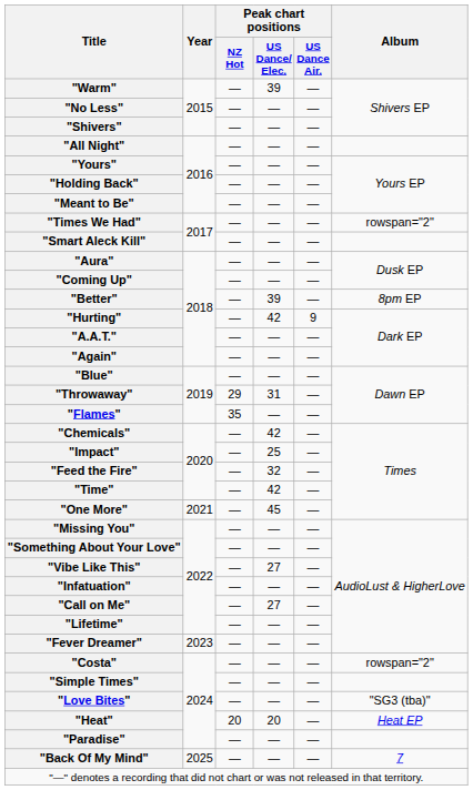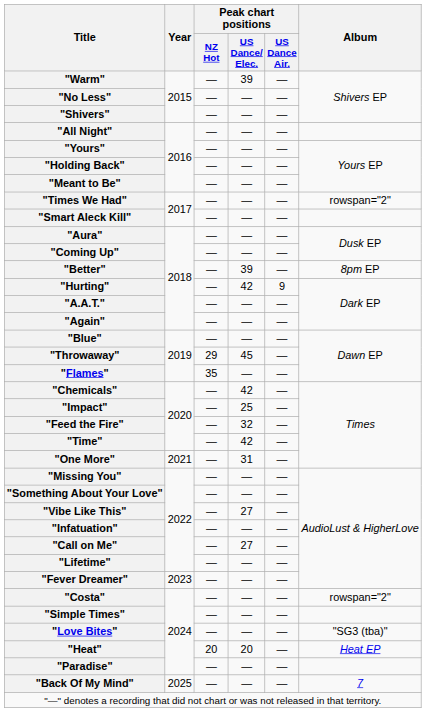 <table class="wikitable plainrowheaders" style="text-align:center;">
 <tr>
 <th scope="col" rowspan="2">Title</th>
 <th scope="col" rowspan="2">Year</th>
 <th scope="col" colspan="3">Peak chart positions</th>
 <th scope="col" rowspan="2">Album</th>
 </tr>
 <tr>
 <th scope="col" style="width:3em;font-size:90%;"><a href='#'>NZ<br>Hot</a><br></th>
 <th scope="col" style="width:2.9em;font-size:90%;"><a href='#'>US<br>Dance/<br>Elec.</a><br></th>
 <th scope="col" style="width:2.9em;font-size:90%;"><a href='#'>US<br>Dance<br>Air.</a><br></th>
 </tr>
 <tr>
 <th scope="row">"Warm"</th>
 <td rowspan="3">2015</td>
 <td>—</td>
 <td>39</td>
 <td>—</td>
 <td rowspan="3"><em>Shivers</em> EP</td>
 </tr>
 <tr>
 <th scope="row">"No Less"<br></th>
 <td>—</td>
 <td>—</td>
 <td>—</td>
 </tr>
 <tr>
 <th scope="row">"Shivers"<br></th>
 <td>—</td>
 <td>—</td>
 <td>—</td>
 </tr>
 <tr>
 <th scope="row">"All Night"<br></th>
 <td rowspan="4">2016</td>
 <td>—</td>
 <td>—</td>
 <td>—</td>
 <td></td>
 </tr>
 <tr>
 <th scope="row">"Yours"</th>
 <td>—</td>
 <td>—</td>
 <td>—</td>
 <td rowspan="3"><em>Yours</em> EP</td>
 </tr>
 <tr>
 <th scope="row">"Holding Back"<br></th>
 <td>—</td>
 <td>—</td>
 <td>—</td>
 </tr>
 <tr>
 <th scope="row">"Meant to Be"</th>
 <td>—</td>
 <td>—</td>
 <td>—</td>
 </tr>
 <tr>
 <th scope="row">"Times We Had"<br></th>
 <td rowspan="2">2017</td>
 <td>—</td>
 <td>—</td>
 <td>—</td>
 <td>rowspan="2" </td>
 </tr>
 <tr>
 <th scope="row">"Smart Aleck Kill"<br></th>
 <td>—</td>
 <td>—</td>
 <td>—</td>
 </tr>
 <tr>
 <th scope="row">"Aura"<br></th>
 <td rowspan="6">2018</td>
 <td>—</td>
 <td>—</td>
 <td>—</td>
 <td rowspan="2"><em>Dusk</em> EP</td>
 </tr>
 <tr>
 <th scope="row">"Coming Up"</th>
 <td>—</td>
 <td>—</td>
 <td>—</td>
 </tr>
 <tr>
 <th scope="row">"Better"<br></th>
 <td>—</td>
 <td>39</td>
 <td>—</td>
 <td><em>8pm</em> EP</td>
 </tr>
 <tr>
 <th scope="row">"Hurting"<br></th>
 <td>—</td>
 <td>42</td>
 <td>9</td>
 <td rowspan="3"><em>Dark</em> EP</td>
 </tr>
 <tr>
 <th scope="row">"A.A.T."<br></th>
 <td>—</td>
 <td>—</td>
 <td>—</td>
 </tr>
 <tr>
 <th scope="row">"Again"<br></th>
 <td>—</td>
 <td>—</td>
 <td>—</td>
 </tr>
 <tr>
 <th scope="row">"Blue"</th>
 <td rowspan="3">2019</td>
 <td>—</td>
 <td>—</td>
 <td>—</td>
 <td rowspan="3"><em>Dawn</em> EP</td>
 </tr>
 <tr>
 <th scope="row">"Throwaway"<br></th>
 <td>29</td>
-<td>31</td>
+<td>45</td>
 <td>—</td>
 </tr>
 <tr>
 <th scope="row">"<a href='#'>Flames</a>"<br></th>
 <td>35</td>
 <td>—</td>
 <td>—</td>
 </tr>
 <tr>
 <th scope="row">"Chemicals"</th>
 <td rowspan="4">2020</td>
 <td>—</td>
 <td>42</td>
 <td>—</td>
 <td rowspan="5"><em>Times</em></td>
 </tr>
 <tr>
 <th scope="row">"Impact"<br></th>
 <td>—</td>
 <td>25</td>
 <td>—</td>
 </tr>
 <tr>
 <th scope="row">"Feed the Fire"<br></th>
 <td>—</td>
 <td>32</td>
 <td>—</td>
 </tr>
 <tr>
 <th scope="row">"Time"<br></th>
 <td>—</td>
 <td>42</td>
 <td>—</td>
 </tr>
 <tr>
 <th scope="row">"One More"<br></th>
 <td>2021</td>
 <td>—</td>
-<td>45</td>
+<td>31</td>
 <td>—</td>
 </tr>
 <tr>
 <th scope="row">"Missing You"</th>
 <td rowspan="6">2022</td>
 <td>—</td>
 <td>—</td>
 <td>—</td>
 <td rowspan="7"><em>AudioLust & HigherLove</em></td>
 </tr>
 <tr>
 <th scope="row">"Something About Your Love"</th>
 <td>—</td>
 <td>—</td>
 <td>—</td>
 </tr>
 <tr>
 <th scope="row">"Vibe Like This"<br></th>
 <td>—</td>
 <td>27</td>
 <td>—</td>
 </tr>
 <tr>
 <th scope="row">"Infatuation"</th>
 <td>—</td>
 <td>—</td>
 <td>—</td>
 </tr>
 <tr>
 <th scope="row">"Call on Me"<br></th>
 <td>—</td>
 <td>27</td>
 <td>—</td>
 </tr>
 <tr>
 <th scope="row">"Lifetime"</th>
 <td>—</td>
 <td>—</td>
 <td>—</td>
 </tr>
 <tr>
 <th scope="row">"Fever Dreamer"<br></th>
 <td>2023</td>
 <td>—</td>
 <td>—</td>
 <td>—</td>
 </tr>
 <tr>
 <th scope="row">"Costa"<br></th>
 <td rowspan="5">2024</td>
 <td>—</td>
 <td>—</td>
 <td>—</td>
 <td>rowspan="2" </td>
 </tr>
 <tr>
 <th scope="row">"Simple Times"<br></th>
 <td>—</td>
 <td>—</td>
 <td>—</td>
 </tr>
 <tr>
 <th scope="row">"<a href='#'>Love Bites</a>"<br></th>
 <td>—</td>
 <td>—</td>
 <td>—</td>
 <td>"SG3 (tba)"</td>
 </tr>
 <tr>
 <th scope="row">"Heat"<br></th>
 <td>20</td>
 <td>20</td>
 <td>—</td>
 <td><em><a href='#'>Heat EP</a></em></td>
 </tr>
 <tr>
 <th scope="row">"Paradise"<br></th>
 <td>—</td>
 <td>—</td>
 <td>—</td>
 <td></td>
 </tr>
 <tr>
 <th scope="row">"Back Of My Mind"</th>
 <td>2025</td>
 <td>—</td>
 <td>—</td>
 <td>—</td>
 <td><em><a href='#'>7</a></em></td>
 </tr>
 <tr>
 <td colspan="14" style="font-size:90%">"—" denotes a recording that did not chart or was not released in that territory.</td>
 </tr>
 </table>
